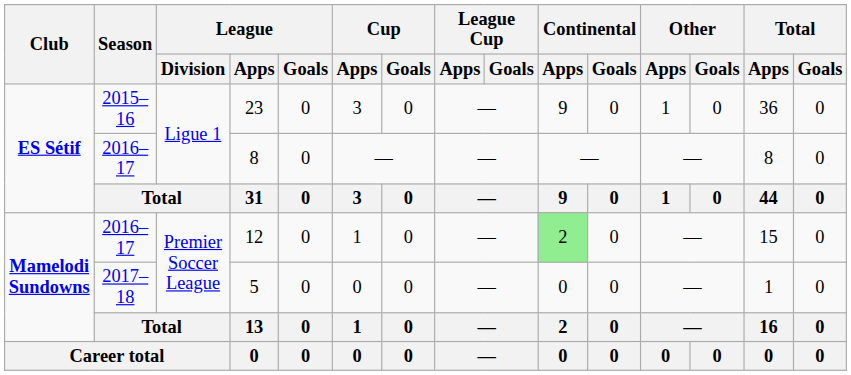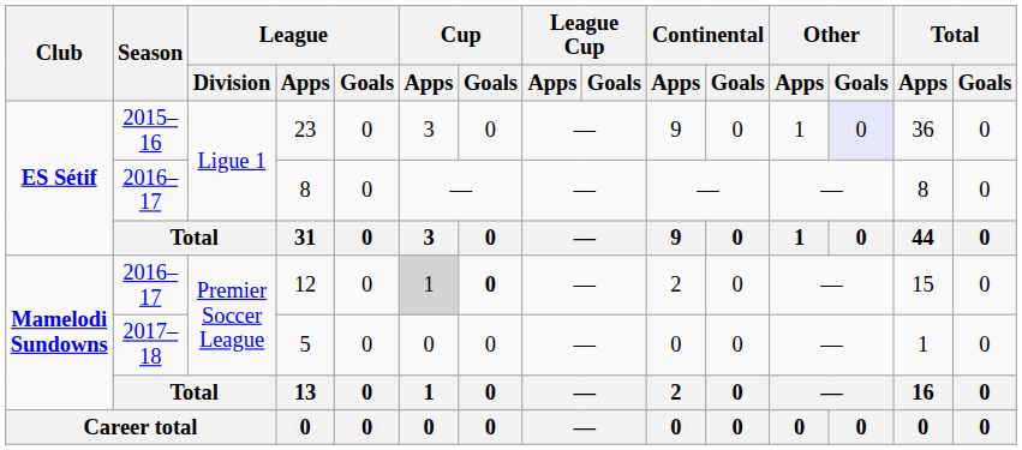 <table class="wikitable" style="text-align: center">
 <tr>
 <th rowspan="2">Club</th>
 <th rowspan="2">Season</th>
 <th colspan="3">League</th>
 <th colspan="2">Cup</th>
 <th colspan="2">League Cup</th>
 <th colspan="2">Continental</th>
 <th colspan="2">Other</th>
 <th colspan="2">Total</th>
 </tr>
 <tr>
 <th>Division</th>
 <th>Apps</th>
 <th>Goals</th>
 <th>Apps</th>
 <th>Goals</th>
 <th>Apps</th>
 <th>Goals</th>
 <th>Apps</th>
 <th>Goals</th>
 <th>Apps</th>
 <th>Goals</th>
 <th>Apps</th>
 <th>Goals</th>
 </tr>
 <tr>
 <td rowspan="3" valign="center"><strong><a href='#'>ES Sétif</a></strong></td>
 <td><a href='#'>2015–16</a></td>
 <td rowspan=2><a href='#'>Ligue 1</a></td>
 <td>23</td>
 <td>0</td>
 <td>3</td>
 <td>0</td>
 <td colspan=2>—</td>
 <td>9</td>
 <td>0</td>
 <td>1</td>
-<td>0</td>
+<td style="background: lavender;">0</td>
 <td>36</td>
 <td>0</td>
 </tr>
 <tr>
 <td><a href='#'>2016–17</a></td>
 <td>8</td>
 <td>0</td>
 <td colspan=2>—</td>
 <td colspan=2>—</td>
 <td colspan=2>—</td>
 <td colspan=2>—</td>
 <td>8</td>
 <td>0</td>
 </tr>
 <tr>
 <th colspan="2">Total</th>
 <th>31</th>
 <th>0</th>
 <th>3</th>
 <th>0</th>
 <th colspan=2>—</th>
 <th>9</th>
 <th>0</th>
 <th>1</th>
 <th>0</th>
 <th>44</th>
 <th>0</th>
 </tr>
 <tr>
 <td rowspan="3" valign="center"><strong><a href='#'>Mamelodi Sundowns</a></strong></td>
 <td><a href='#'>2016–17</a></td>
 <td rowspan=2><a href='#'>Premier Soccer League</a></td>
 <td>12</td>
 <td>0</td>
-<td>1</td>
-<td>0</td>
+<td style="background: lightgrey;">1</td>
+<td><strong>0</strong></td>
 <td colspan=2>—</td>
-<td style="background: lightgreen;">2</td>
+<td>2</td>
 <td>0</td>
 <td colspan=2>—</td>
 <td>15</td>
 <td>0</td>
 </tr>
 <tr>
 <td><a href='#'>2017–18</a></td>
 <td>5</td>
 <td>0</td>
 <td>0</td>
 <td>0</td>
 <td colspan=2>—</td>
 <td>0</td>
 <td>0</td>
 <td colspan=2>—</td>
 <td>1</td>
 <td>0</td>
 </tr>
 <tr>
 <th colspan="2">Total</th>
 <th>13</th>
 <th>0</th>
 <th>1</th>
 <th>0</th>
 <th colspan=2>—</th>
 <th>2</th>
 <th>0</th>
 <th colspan=2>—</th>
 <th>16</th>
 <th>0</th>
 </tr>
 <tr>
 <th colspan="3">Career total</th>
 <th>0</th>
 <th>0</th>
 <th>0</th>
 <th>0</th>
 <th colspan=2>—</th>
 <th>0</th>
 <th>0</th>
 <th>0</th>
 <th>0</th>
 <th>0</th>
 <th>0</th>
 </tr>
 </table>
